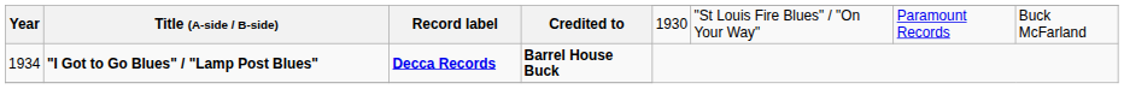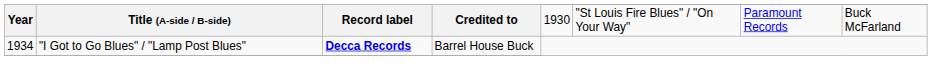 <table class="wikitable sortable">
 <tr>
 <th width="30" rowspan="2">Year</th>
 <th width="380" rowspan="2">Title <small>(A-side / B-side)</small></th>
 <th width="140" rowspan="2">Record label</th>
 <th width="140" rowspan="2">Credited to</th>
 </tr>
 <tr>
 <td>1930</td>
 <td>"St Louis Fire Blues" / "On Your Way"</td>
 <td><a href='#'>Paramount Records</a></td>
 <td>Buck McFarland</td>
 </tr>
 <tr>
 <td>1934</td>
-<td><strong>"I Got to Go Blues" / "Lamp Post Blues"</strong></td>
+<td>"I Got to Go Blues" / "Lamp Post Blues"</td>
 <td><strong><a href='#'>Decca Records</a></strong></td>
-<td><strong>Barrel House Buck</strong></td>
+<td>Barrel House Buck</td>
 </tr>
 <tr>
 </tr>
 </table>
